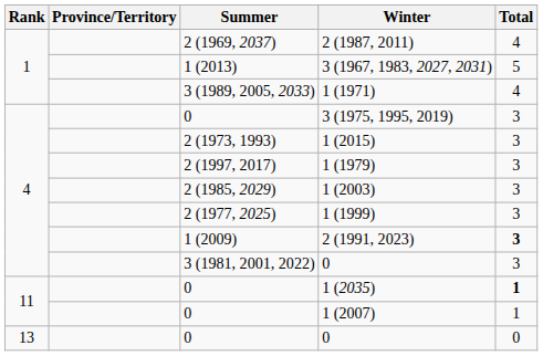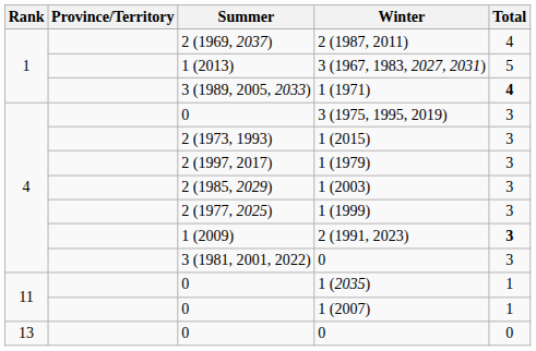 <table class="wikitable sortable">
 <tr>
 <th scope="col">Rank</th>
 <th scope="col">Province/Territory</th>
 <th scope="col">Summer</th>
 <th scope="col">Winter</th>
 <th scope="col">Total</th>
 </tr>
 <tr>
 <td rowspan=3 align=center>1</td>
 <td></td>
 <td>2 (1969, <em>2037</em>)</td>
 <td>2 (1987, 2011)</td>
 <td style="text-align:center">4</td>
 </tr>
 <tr>
 <td></td>
 <td>1 (2013)</td>
 <td>3 (1967, 1983, <em>2027</em>, <em>2031</em>)</td>
 <td style="text-align:center">5</td>
 </tr>
 <tr>
 <td></td>
 <td>3 (1989, 2005, <em>2033</em>)</td>
 <td>1 (1971)</td>
-<td style="text-align:center">4</td>
+<td style="text-align:center"><strong>4</strong></td>
 </tr>
 <tr>
 <td rowspan=7 align=center>4</td>
 <td></td>
 <td>0</td>
 <td>3 (1975, 1995, 2019)</td>
 <td style="text-align:center">3</td>
 </tr>
 <tr>
 <td></td>
 <td>2 (1973, 1993)</td>
 <td>1 (2015)</td>
 <td style="text-align:center">3</td>
 </tr>
 <tr>
 <td></td>
 <td>2 (1997, 2017)</td>
 <td>1 (1979)</td>
 <td style="text-align:center">3</td>
 </tr>
 <tr>
 <td></td>
 <td>2 (1985, <em>2029</em>)</td>
 <td>1 (2003)</td>
 <td style="text-align:center">3</td>
 </tr>
 <tr>
 <td></td>
 <td>2 (1977, <em>2025</em>)</td>
 <td>1 (1999)</td>
 <td style="text-align:center">3</td>
 </tr>
 <tr>
 <td></td>
 <td>1 (2009)</td>
 <td>2 (1991, 2023)</td>
 <td style="text-align:center"><strong>3</strong></td>
 </tr>
 <tr>
 <td></td>
 <td>3 (1981, 2001, 2022)</td>
 <td>0</td>
 <td style="text-align:center">3</td>
 </tr>
 <tr>
 <td rowspan=2 align=center>11</td>
 <td></td>
 <td>0</td>
 <td>1 (<em>2035</em>)</td>
-<td style="text-align:center"><strong>1</strong></td>
+<td style="text-align:center">1</td>
 </tr>
 <tr>
 <td></td>
 <td>0</td>
 <td>1 (2007)</td>
 <td style="text-align:center">1</td>
 </tr>
 <tr>
 <td align=center>13</td>
 <td></td>
 <td>0</td>
 <td>0</td>
 <td style="text-align:center">0</td>
 </tr>
 </table>
